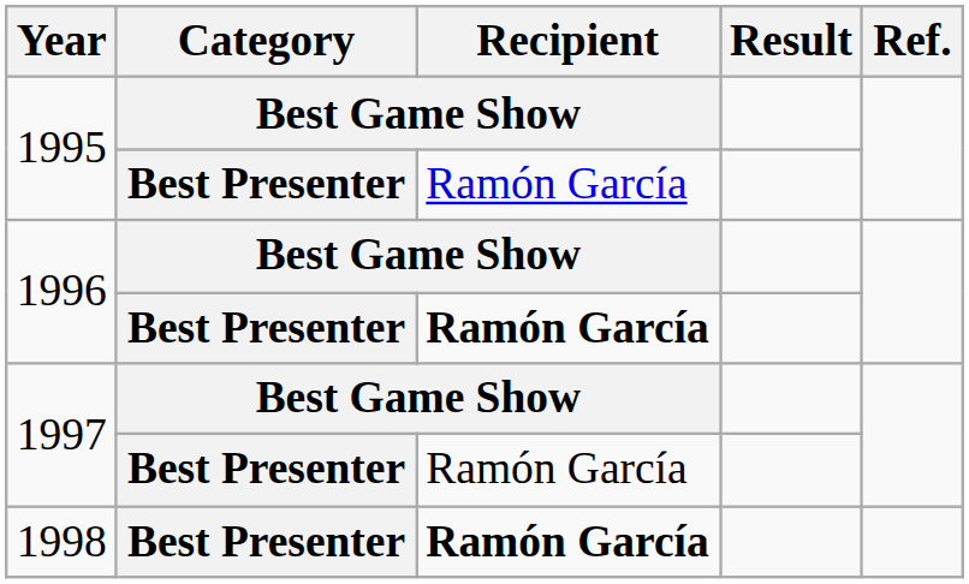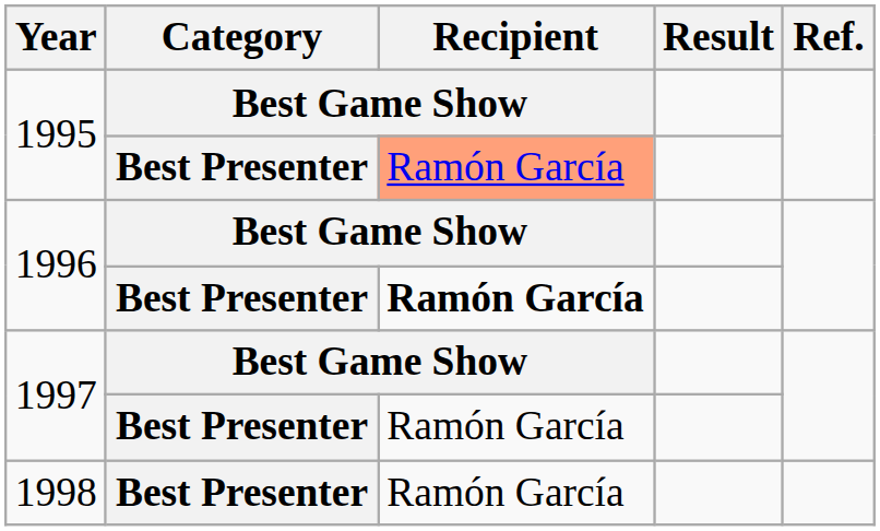 <table class="wikitable plainrowheaders">
 <tr>
 <th scope="col">Year</th>
 <th scope="col">Category</th>
 <th scope="col">Recipient</th>
 <th scope="col">Result</th>
 <th scope="col">Ref.</th>
 </tr>
 <tr>
 <td rowspan="2">1995</td>
 <th scope="row" colspan="2">Best Game Show</th>
 <td></td>
 <td rowspan="2"></td>
 </tr>
 <tr>
 <th scope="row">Best Presenter</th>
-<td><a href='#'>Ramón García</a></td>
+<td style="background: lightsalmon;"><a href='#'>Ramón García</a></td>
 <td></td>
 </tr>
 <tr>
 <td rowspan="2">1996</td>
 <th scope="row" colspan="2">Best Game Show</th>
 <td></td>
 <td rowspan="2"></td>
 </tr>
 <tr>
 <th scope="row">Best Presenter</th>
 <td><strong>Ramón García</strong></td>
 <td></td>
 </tr>
 <tr>
 <td rowspan="2">1997</td>
 <th scope="row" colspan="2">Best Game Show</th>
 <td></td>
 <td rowspan="2"></td>
 </tr>
 <tr>
 <th scope="row">Best Presenter</th>
 <td>Ramón García</td>
 <td></td>
 </tr>
 <tr>
 <td>1998</td>
 <th scope="row">Best Presenter</th>
-<td><strong>Ramón García</strong></td>
+<td>Ramón García</td>
 <td></td>
 <td></td>
 </tr>
 </table>
